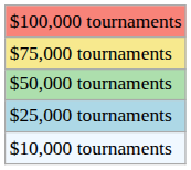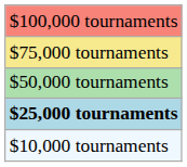 <table class="wikitable" style="font-size:90%;">
 <tr bgcolor="#F88379">
 <td>$100,000 tournaments</td>
 </tr>
 <tr bgcolor="#F7E98E">
 <td>$75,000 tournaments</td>
 </tr>
 <tr bgcolor="#ADDFAD">
 <td>$50,000 tournaments</td>
 </tr>
 <tr bgcolor="lightblue">
-<td>$25,000 tournaments</td>
+<td><strong>$25,000 tournaments</strong></td>
 </tr>
 <tr bgcolor="#f0f8ff">
 <td>$10,000 tournaments</td>
 </tr>
 </table>
